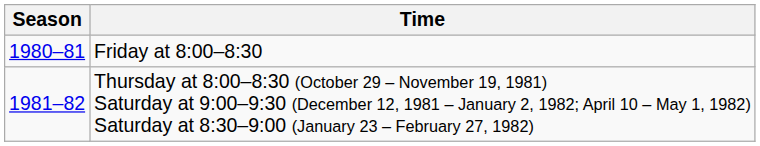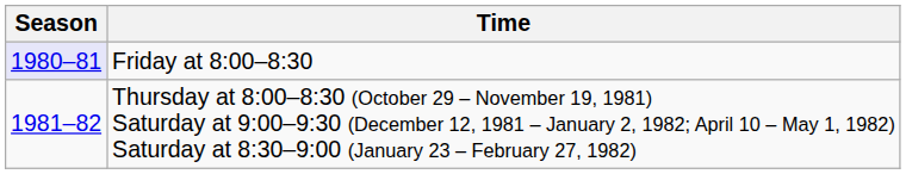 <table class="wikitable">
 <tr>
 <th>Season</th>
 <th>Time</th>
 </tr>
 <tr>
-<td><a href='#'>1980–81</a></td>
+<td style="background: lavender;"><a href='#'>1980–81</a></td>
 <td>Friday at 8:00–8:30</td>
 </tr>
 <tr>
 <td><a href='#'>1981–82</a></td>
 <td>Thursday at 8:00–8:30 <small>(October 29 – November 19, 1981)</small><br>Saturday at 9:00–9:30 <small>(December 12, 1981 – January 2, 1982; April 10 – May 1, 1982)</small><br>Saturday at 8:30–9:00 <small>(January 23 – February 27, 1982)</small></td>
 </tr>
 </table>
